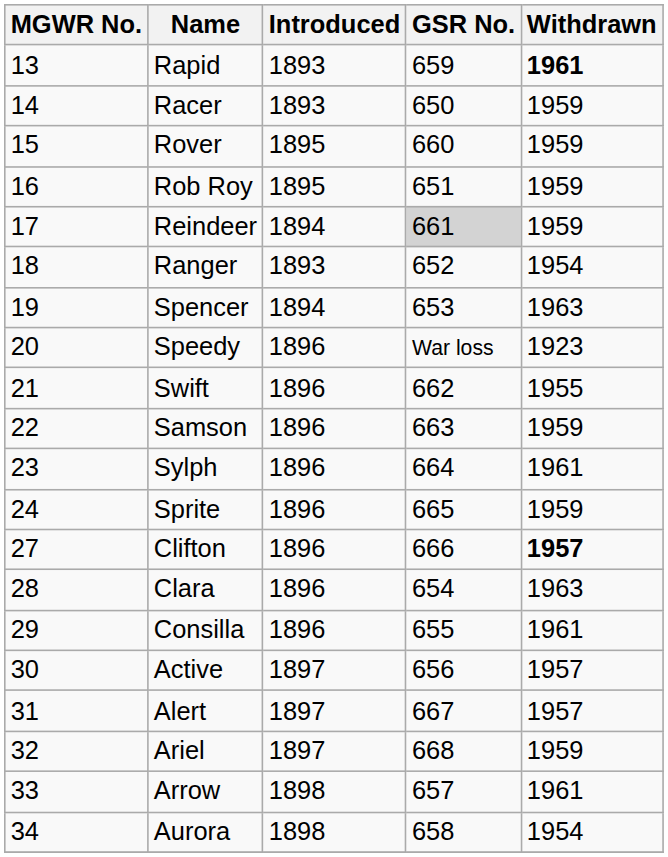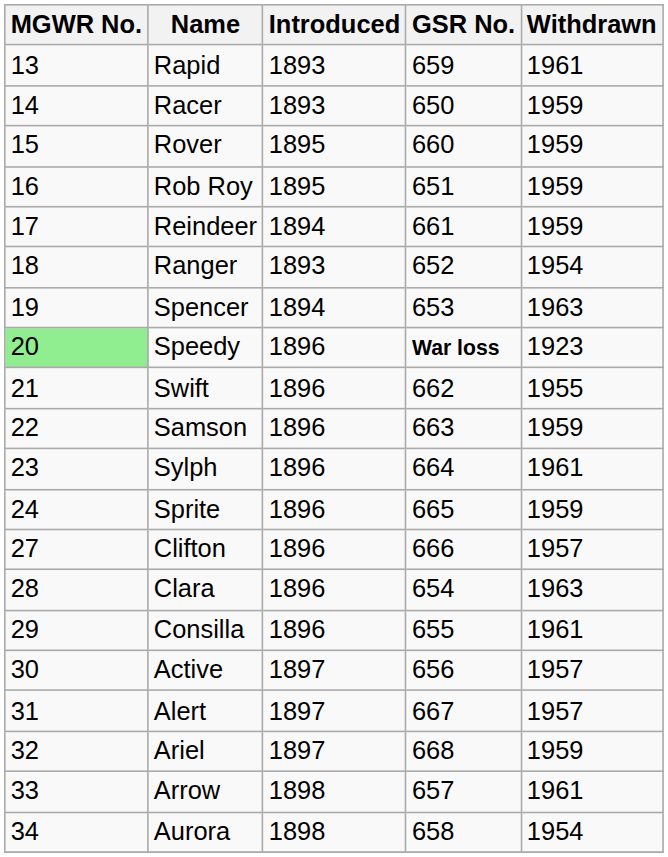 <table class="wikitable">
 <tr>
 <th>MGWR No.</th>
 <th>Name</th>
 <th>Introduced</th>
 <th>GSR No.</th>
 <th>Withdrawn</th>
 </tr>
 <tr>
 <td>13</td>
 <td>Rapid</td>
 <td>1893</td>
 <td>659</td>
-<td><strong>1961</strong></td>
+<td>1961</td>
 </tr>
 <tr>
 <td>14</td>
 <td>Racer</td>
 <td>1893</td>
 <td>650</td>
 <td>1959</td>
 </tr>
 <tr>
 <td>15</td>
 <td>Rover</td>
 <td>1895</td>
 <td>660</td>
 <td>1959</td>
 </tr>
 <tr>
 <td>16</td>
 <td>Rob Roy</td>
 <td>1895</td>
 <td>651</td>
 <td>1959</td>
 </tr>
 <tr>
 <td>17</td>
 <td>Reindeer</td>
 <td>1894</td>
-<td style="background: lightgrey;">661</td>
+<td>661</td>
 <td>1959</td>
 </tr>
 <tr>
 <td>18</td>
 <td>Ranger</td>
 <td>1893</td>
 <td>652</td>
 <td>1954</td>
 </tr>
 <tr>
 <td>19</td>
 <td>Spencer</td>
 <td>1894</td>
 <td>653</td>
 <td>1963</td>
 </tr>
 <tr>
-<td>20</td>
+<td style="background: lightgreen;">20</td>
 <td>Speedy</td>
 <td>1896</td>
-<td><small>War loss</small></td>
+<td><strong><small>War loss</small></strong></td>
 <td>1923</td>
 </tr>
 <tr>
 <td>21</td>
 <td>Swift</td>
 <td>1896</td>
 <td>662</td>
 <td>1955</td>
 </tr>
 <tr>
 <td>22</td>
 <td>Samson</td>
 <td>1896</td>
 <td>663</td>
 <td>1959</td>
 </tr>
 <tr>
 <td>23</td>
 <td>Sylph</td>
 <td>1896</td>
 <td>664</td>
 <td>1961</td>
 </tr>
 <tr>
 <td>24</td>
 <td>Sprite</td>
 <td>1896</td>
 <td>665</td>
 <td>1959</td>
 </tr>
 <tr>
 <td>27</td>
 <td>Clifton</td>
 <td>1896</td>
 <td>666</td>
-<td><strong>1957</strong></td>
+<td>1957</td>
 </tr>
 <tr>
 <td>28</td>
 <td>Clara</td>
 <td>1896</td>
 <td>654</td>
 <td>1963</td>
 </tr>
 <tr>
 <td>29</td>
 <td>Consilla</td>
 <td>1896</td>
 <td>655</td>
 <td>1961</td>
 </tr>
 <tr>
 <td>30</td>
 <td>Active</td>
 <td>1897</td>
 <td>656</td>
 <td>1957</td>
 </tr>
 <tr>
 <td>31</td>
 <td>Alert</td>
 <td>1897</td>
 <td>667</td>
 <td>1957</td>
 </tr>
 <tr>
 <td>32</td>
 <td>Ariel</td>
 <td>1897</td>
 <td>668</td>
 <td>1959</td>
 </tr>
 <tr>
 <td>33</td>
 <td>Arrow</td>
 <td>1898</td>
 <td>657</td>
 <td>1961</td>
 </tr>
 <tr>
 <td>34</td>
 <td>Aurora</td>
 <td>1898</td>
 <td>658</td>
 <td>1954</td>
 </tr>
 <tr>
 </tr>
 </table>
